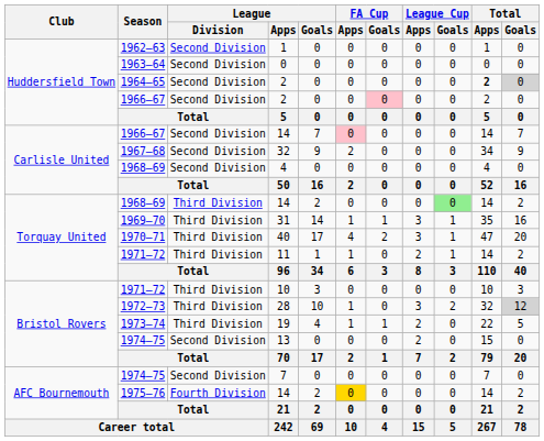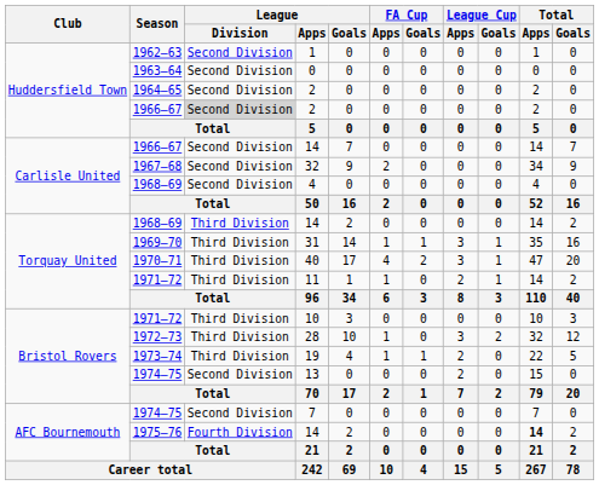 <table class="wikitable" style="text-align:center">
 <tr>
 <th rowspan="2">Club</th>
 <th rowspan="2">Season</th>
 <th colspan="3">League</th>
 <th colspan="2"><a href='#'>FA Cup</a></th>
 <th colspan="2"><a href='#'>League Cup</a></th>
 <th colspan="2">Total</th>
 </tr>
 <tr>
 <th>Division</th>
 <th>Apps</th>
 <th>Goals</th>
 <th>Apps</th>
 <th>Goals</th>
 <th>Apps</th>
 <th>Goals</th>
 <th>Apps</th>
 <th>Goals</th>
 </tr>
 <tr>
 <td rowspan="5"><a href='#'>Huddersfield Town</a></td>
 <td><a href='#'>1962–63</a></td>
 <td><a href='#'>Second Division</a></td>
 <td>1</td>
 <td>0</td>
 <td>0</td>
 <td>0</td>
 <td>0</td>
 <td>0</td>
 <td>1</td>
 <td>0</td>
 </tr>
 <tr>
 <td><a href='#'>1963–64</a></td>
 <td>Second Division</td>
 <td>0</td>
 <td>0</td>
 <td>0</td>
 <td>0</td>
 <td>0</td>
 <td>0</td>
 <td>0</td>
 <td>0</td>
 </tr>
 <tr>
 <td><a href='#'>1964–65</a></td>
 <td>Second Division</td>
 <td>2</td>
 <td>0</td>
 <td>0</td>
 <td>0</td>
 <td>0</td>
 <td>0</td>
-<td><strong>2</strong></td>
-<td style="background: lightgrey;">0</td>
+<td>2</td>
+<td>0</td>
 </tr>
 <tr>
 <td><a href='#'>1966–67</a></td>
-<td>Second Division</td>
+<td style="background: lightgrey;">Second Division</td>
 <td>2</td>
 <td>0</td>
 <td>0</td>
-<td style="background: pink;">0</td>
+<td>0</td>
 <td>0</td>
 <td>0</td>
 <td>2</td>
 <td>0</td>
 </tr>
 <tr>
 <th colspan="2">Total</th>
 <th>5</th>
 <th>0</th>
 <th>0</th>
 <th>0</th>
 <th>0</th>
 <th>0</th>
 <th>5</th>
 <th>0</th>
 </tr>
 <tr>
 <td rowspan="4"><a href='#'>Carlisle United</a></td>
 <td><a href='#'>1966–67</a></td>
 <td>Second Division</td>
 <td>14</td>
 <td>7</td>
-<td style="background: pink;">0</td>
+<td>0</td>
 <td>0</td>
 <td>0</td>
 <td>0</td>
 <td>14</td>
 <td>7</td>
 </tr>
 <tr>
 <td><a href='#'>1967–68</a></td>
 <td>Second Division</td>
 <td>32</td>
 <td>9</td>
 <td>2</td>
 <td>0</td>
 <td>0</td>
 <td>0</td>
 <td>34</td>
 <td>9</td>
 </tr>
 <tr>
 <td><a href='#'>1968–69</a></td>
 <td>Second Division</td>
 <td>4</td>
 <td>0</td>
 <td>0</td>
 <td>0</td>
 <td>0</td>
 <td>0</td>
 <td>4</td>
 <td>0</td>
 </tr>
 <tr>
 <th colspan="2">Total</th>
 <th>50</th>
 <th>16</th>
 <th>2</th>
 <th>0</th>
 <th>0</th>
 <th>0</th>
 <th>52</th>
 <th>16</th>
 </tr>
 <tr>
 <td rowspan="5"><a href='#'>Torquay United</a></td>
 <td><a href='#'>1968–69</a></td>
 <td><a href='#'>Third Division</a></td>
 <td>14</td>
 <td>2</td>
 <td>0</td>
 <td>0</td>
 <td>0</td>
-<td style="background: lightgreen;">0</td>
+<td>0</td>
 <td>14</td>
 <td>2</td>
 </tr>
 <tr>
 <td><a href='#'>1969–70</a></td>
 <td>Third Division</td>
 <td>31</td>
 <td>14</td>
 <td>1</td>
 <td>1</td>
 <td>3</td>
 <td>1</td>
 <td>35</td>
 <td>16</td>
 </tr>
 <tr>
 <td><a href='#'>1970–71</a></td>
 <td>Third Division</td>
 <td>40</td>
 <td>17</td>
 <td>4</td>
 <td>2</td>
 <td>3</td>
 <td>1</td>
 <td>47</td>
 <td>20</td>
 </tr>
 <tr>
 <td><a href='#'>1971–72</a></td>
 <td>Third Division</td>
 <td>11</td>
 <td>1</td>
 <td>1</td>
 <td>0</td>
 <td>2</td>
 <td>1</td>
 <td>14</td>
 <td>2</td>
 </tr>
 <tr>
 <th colspan="2">Total</th>
 <th>96</th>
 <th>34</th>
 <th>6</th>
 <th>3</th>
 <th>8</th>
 <th>3</th>
 <th>110</th>
 <th>40</th>
 </tr>
 <tr>
 <td rowspan="5"><a href='#'>Bristol Rovers</a></td>
 <td><a href='#'>1971–72</a></td>
 <td>Third Division</td>
 <td>10</td>
 <td>3</td>
 <td>0</td>
 <td>0</td>
 <td>0</td>
 <td>0</td>
 <td>10</td>
 <td>3</td>
 </tr>
 <tr>
 <td><a href='#'>1972–73</a></td>
 <td>Third Division</td>
 <td>28</td>
 <td>10</td>
 <td>1</td>
 <td>0</td>
 <td>3</td>
 <td>2</td>
 <td>32</td>
-<td style="background: lightgrey;">12</td>
+<td>12</td>
 </tr>
 <tr>
 <td><a href='#'>1973–74</a></td>
 <td>Third Division</td>
 <td>19</td>
 <td>4</td>
 <td>1</td>
 <td>1</td>
 <td>2</td>
 <td>0</td>
 <td>22</td>
 <td>5</td>
 </tr>
 <tr>
 <td><a href='#'>1974–75</a></td>
 <td>Second Division</td>
 <td>13</td>
 <td>0</td>
 <td>0</td>
 <td>0</td>
 <td>2</td>
 <td>0</td>
 <td>15</td>
 <td>0</td>
 </tr>
 <tr>
 <th colspan="2">Total</th>
 <th>70</th>
 <th>17</th>
 <th>2</th>
 <th>1</th>
 <th>7</th>
 <th>2</th>
 <th>79</th>
 <th>20</th>
 </tr>
 <tr>
 <td rowspan="3"><a href='#'>AFC Bournemouth</a></td>
 <td><a href='#'>1974–75</a></td>
 <td>Second Division</td>
 <td>7</td>
 <td>0</td>
 <td>0</td>
 <td>0</td>
 <td>0</td>
 <td>0</td>
 <td>7</td>
 <td>0</td>
 </tr>
 <tr>
 <td><a href='#'>1975–76</a></td>
 <td><a href='#'>Fourth Division</a></td>
 <td>14</td>
 <td>2</td>
-<td style="background: gold;">0</td>
 <td>0</td>
 <td>0</td>
 <td>0</td>
-<td>14</td>
+<td>0</td>
+<td><strong>14</strong></td>
 <td>2</td>
 </tr>
 <tr>
 <th colspan="2">Total</th>
 <th>21</th>
 <th>2</th>
 <th>0</th>
 <th>0</th>
 <th>0</th>
 <th>0</th>
 <th>21</th>
 <th>2</th>
 </tr>
 <tr>
 <th colspan="3">Career total</th>
 <th>242</th>
 <th>69</th>
 <th>10</th>
 <th>4</th>
 <th>15</th>
 <th>5</th>
 <th>267</th>
 <th>78</th>
 </tr>
 </table>
